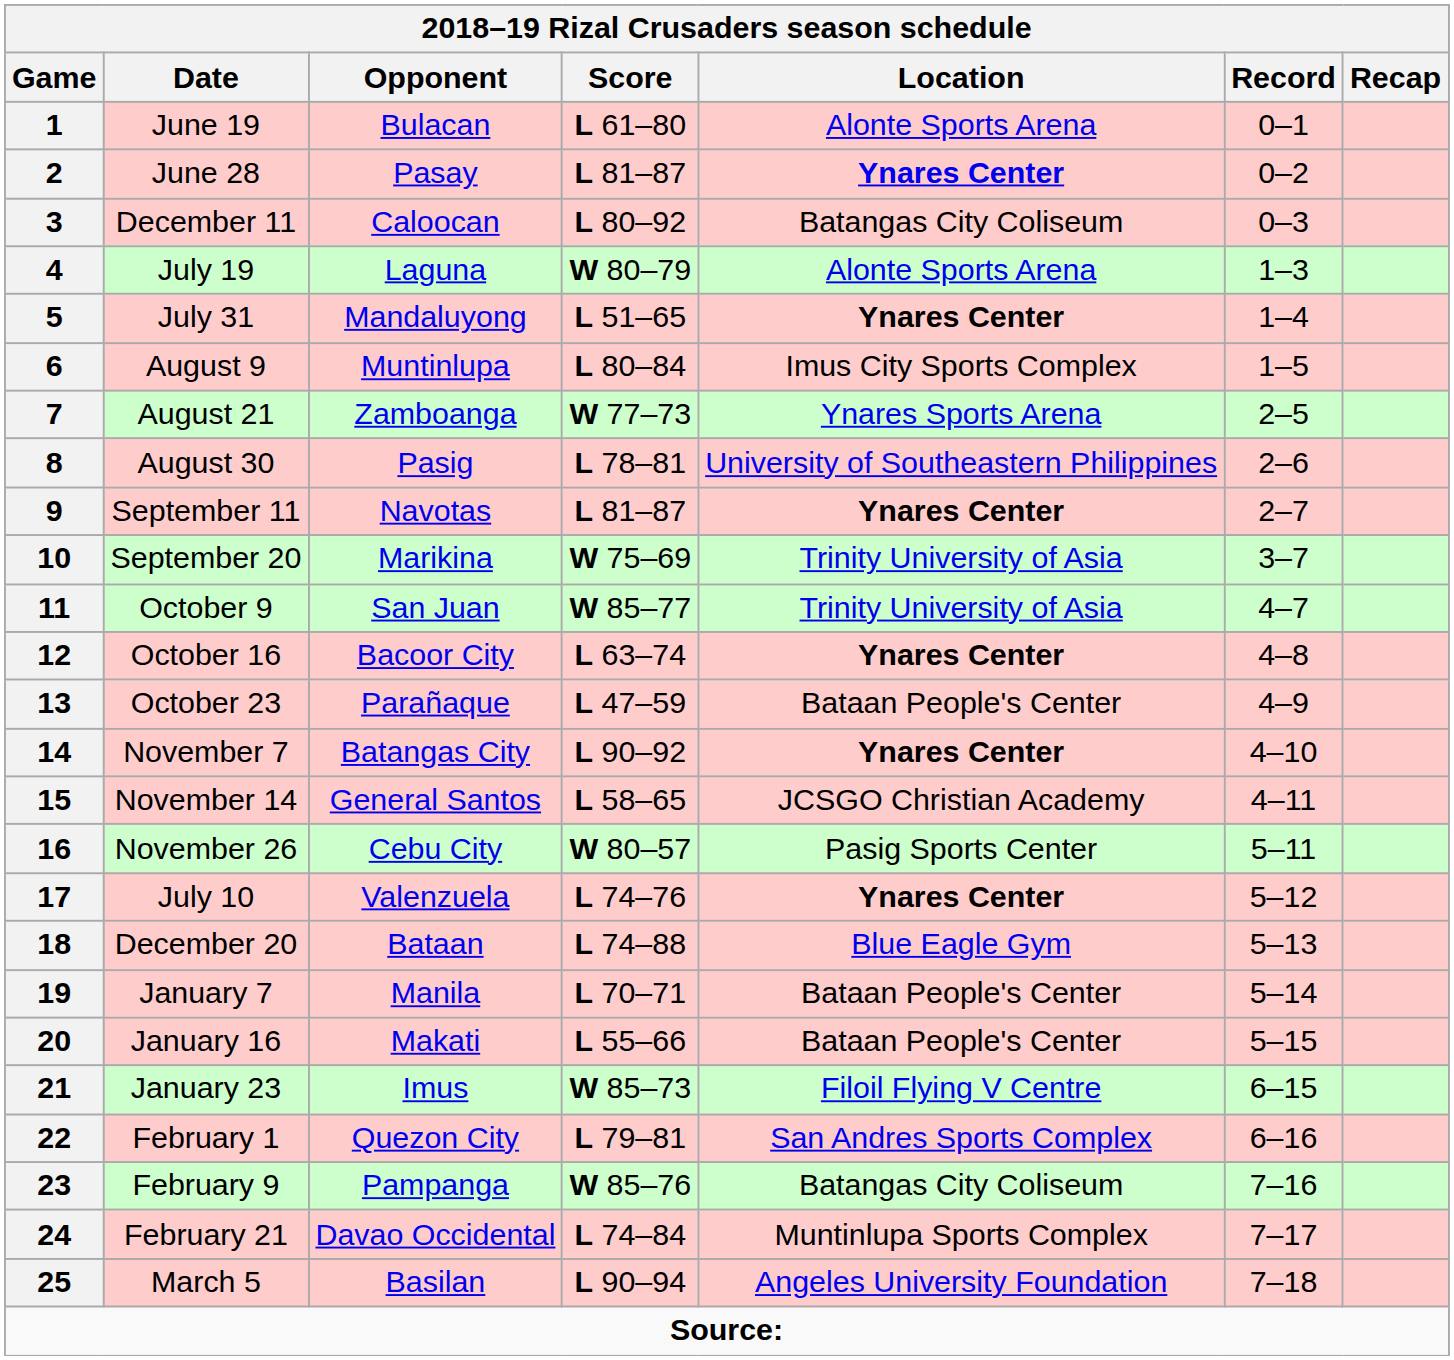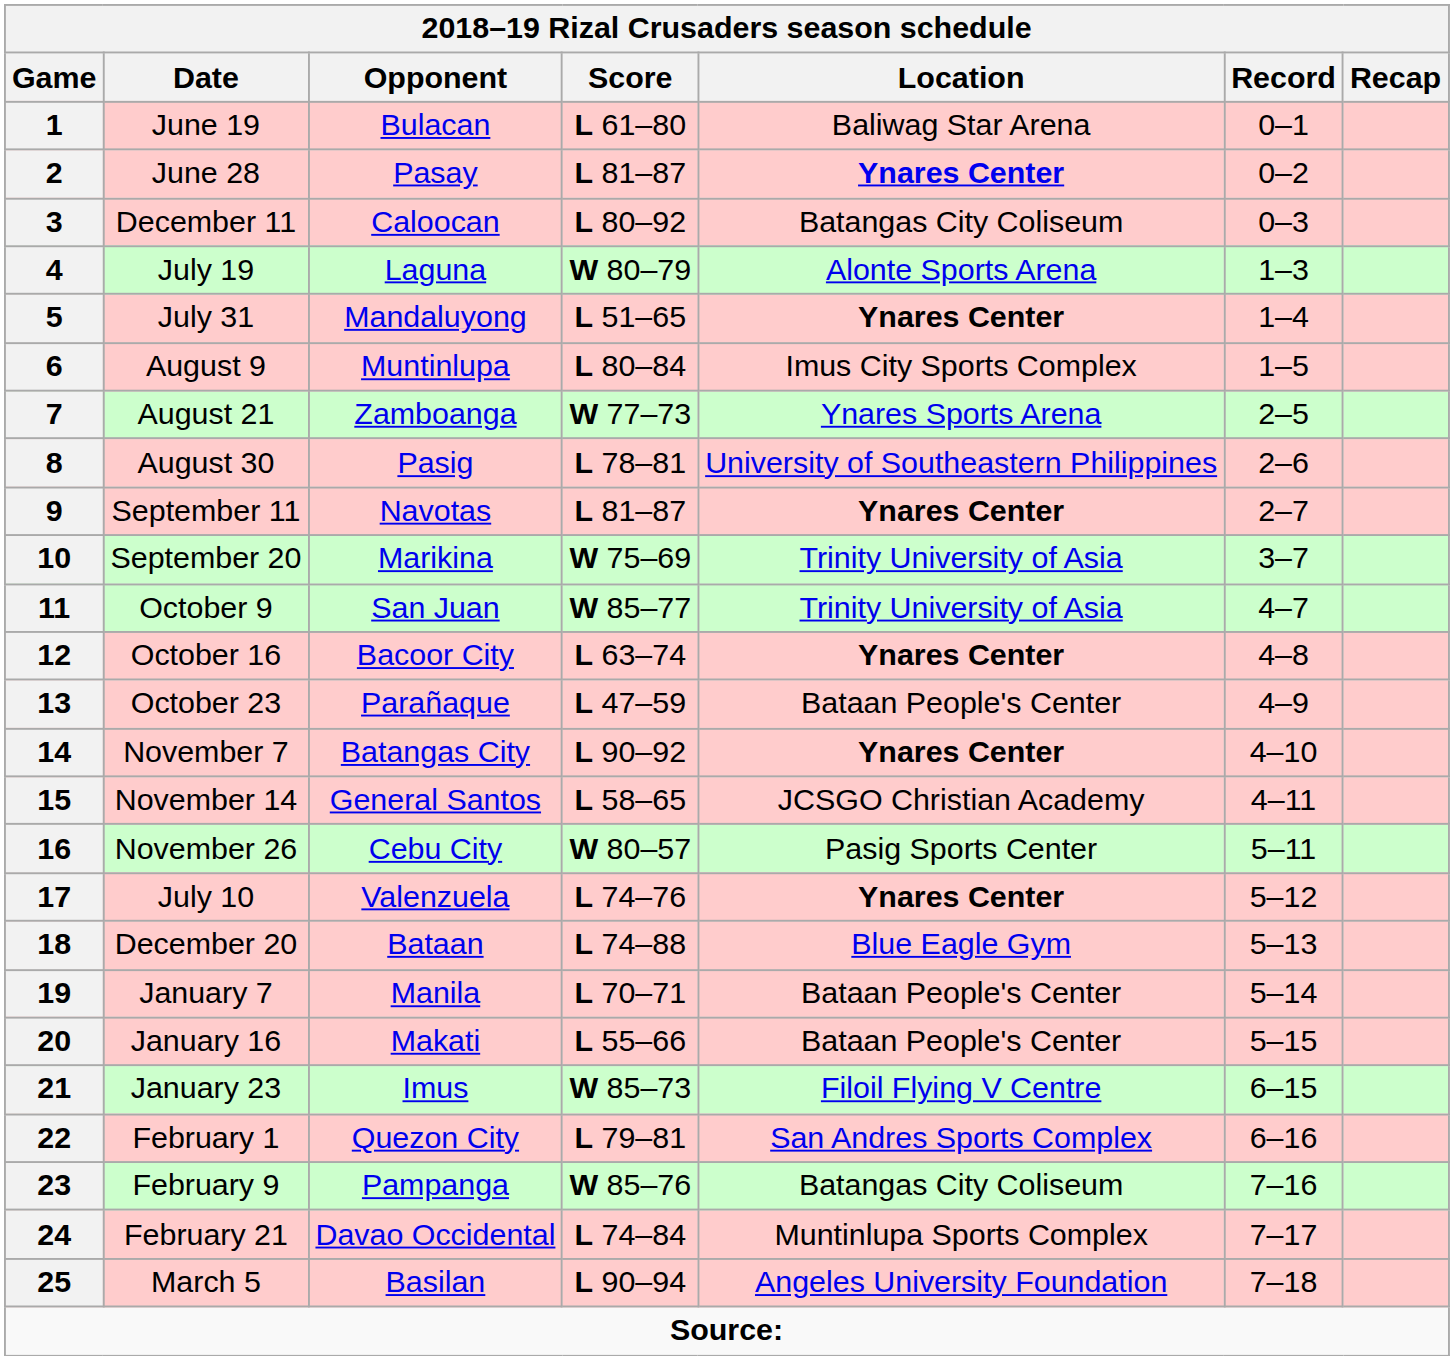 <table class="wikitable" style="text-align:center">
 <tr>
 <th colspan=7>2018–19 Rizal Crusaders season schedule</th>
 </tr>
 <tr>
 <th>Game</th>
 <th>Date</th>
 <th>Opponent</th>
 <th>Score</th>
 <th>Location</th>
 <th>Record</th>
 <th>Recap<br></th>
 </tr>
 <tr style="background:#fcc">
 <th>1</th>
 <td>June 19</td>
 <td><a href='#'>Bulacan</a></td>
 <td><strong>L</strong> 61–80</td>
-<td><a href='#'>Alonte Sports Arena</a></td>
+<td>Baliwag Star Arena</td>
 <td>0–1</td>
 <td></td>
 </tr>
 <tr style="background:#fcc">
 <th>2</th>
 <td>June 28</td>
 <td><a href='#'>Pasay</a></td>
 <td><strong>L</strong> 81–87</td>
 <td><strong><a href='#'>Ynares Center</a></strong></td>
 <td>0–2</td>
 <td></td>
 </tr>
 <tr style="background:#fcc">
 <th>3</th>
 <td>December 11</td>
 <td><a href='#'>Caloocan</a></td>
 <td><strong>L</strong> 80–92</td>
 <td>Batangas City Coliseum</td>
 <td>0–3</td>
 <td></td>
 </tr>
 <tr style="background:#cfc">
 <th>4</th>
 <td>July 19</td>
 <td><a href='#'>Laguna</a></td>
 <td><strong>W</strong> 80–79</td>
 <td><a href='#'>Alonte Sports Arena</a></td>
 <td>1–3</td>
 <td></td>
 </tr>
 <tr style="background:#fcc">
 <th>5</th>
 <td>July 31</td>
 <td><a href='#'>Mandaluyong</a></td>
 <td><strong>L</strong> 51–65</td>
 <td><strong>Ynares Center</strong></td>
 <td>1–4</td>
 <td></td>
 </tr>
 <tr style="background:#fcc">
 <th>6</th>
 <td>August 9</td>
 <td><a href='#'>Muntinlupa</a></td>
 <td><strong>L</strong> 80–84</td>
 <td>Imus City Sports Complex</td>
 <td>1–5</td>
 <td></td>
 </tr>
 <tr style="background:#cfc">
 <th>7</th>
 <td>August 21</td>
 <td><a href='#'>Zamboanga</a></td>
 <td><strong>W</strong> 77–73</td>
 <td><a href='#'>Ynares Sports Arena</a></td>
 <td>2–5</td>
 <td></td>
 </tr>
 <tr style="background:#fcc">
 <th>8</th>
 <td>August 30</td>
 <td><a href='#'>Pasig</a></td>
 <td><strong>L</strong> 78–81</td>
 <td><a href='#'>University of Southeastern Philippines</a></td>
 <td>2–6</td>
 <td></td>
 </tr>
 <tr style="background:#fcc">
 <th>9</th>
 <td>September 11</td>
 <td><a href='#'>Navotas</a></td>
 <td><strong>L</strong> 81–87</td>
 <td><strong>Ynares Center</strong></td>
 <td>2–7</td>
 <td></td>
 </tr>
 <tr style="background:#cfc">
 <th>10</th>
 <td>September 20</td>
 <td><a href='#'>Marikina</a></td>
 <td><strong>W</strong> 75–69</td>
 <td><a href='#'>Trinity University of Asia</a></td>
 <td>3–7</td>
 <td><br></td>
 </tr>
 <tr style="background:#cfc">
 <th>11</th>
 <td>October 9</td>
 <td><a href='#'>San Juan</a></td>
 <td><strong>W</strong> 85–77</td>
 <td><a href='#'>Trinity University of Asia</a></td>
 <td>4–7</td>
 <td></td>
 </tr>
 <tr style="background:#fcc">
 <th>12</th>
 <td>October 16</td>
 <td><a href='#'>Bacoor City</a></td>
 <td><strong>L</strong> 63–74</td>
 <td><strong>Ynares Center</strong></td>
 <td>4–8</td>
 <td></td>
 </tr>
 <tr style="background:#fcc">
 <th>13</th>
 <td>October 23</td>
 <td><a href='#'>Parañaque</a></td>
 <td><strong>L</strong> 47–59</td>
 <td>Bataan People's Center</td>
 <td>4–9</td>
 <td></td>
 </tr>
 <tr style="background:#fcc">
 <th>14</th>
 <td>November 7</td>
 <td><a href='#'>Batangas City</a> </td>
 <td><strong>L</strong> 90–92</td>
 <td><strong>Ynares Center</strong></td>
 <td>4–10</td>
 <td></td>
 </tr>
 <tr style="background:#fcc">
 <th>15</th>
 <td>November 14</td>
 <td><a href='#'>General Santos</a></td>
 <td><strong>L</strong> 58–65</td>
 <td>JCSGO Christian Academy</td>
 <td>4–11</td>
 <td></td>
 </tr>
 <tr style="background:#cfc">
 <th>16</th>
 <td>November 26</td>
 <td><a href='#'>Cebu City</a></td>
 <td><strong>W</strong> 80–57</td>
 <td>Pasig Sports Center</td>
 <td>5–11</td>
 <td></td>
 </tr>
 <tr style="background:#fcc">
 <th>17</th>
 <td>July 10</td>
 <td><a href='#'>Valenzuela</a></td>
 <td><strong>L</strong> 74–76</td>
 <td><strong>Ynares Center</strong></td>
 <td>5–12</td>
 <td></td>
 </tr>
 <tr style="background:#fcc">
 <th>18</th>
 <td>December 20</td>
 <td><a href='#'>Bataan</a></td>
 <td><strong>L</strong> 74–88</td>
 <td><a href='#'>Blue Eagle Gym</a></td>
 <td>5–13</td>
 <td><br></td>
 </tr>
 <tr style="background:#fcc">
 <th>19</th>
 <td>January 7</td>
 <td><a href='#'>Manila</a></td>
 <td><strong>L</strong> 70–71</td>
 <td>Bataan People's Center</td>
 <td>5–14</td>
 <td></td>
 </tr>
 <tr style="background:#fcc">
 <th>20</th>
 <td>January 16</td>
 <td><a href='#'>Makati</a></td>
 <td><strong>L</strong> 55–66</td>
 <td>Bataan People's Center</td>
 <td>5–15</td>
 <td></td>
 </tr>
 <tr style="background:#cfc">
 <th>21</th>
 <td>January 23</td>
 <td><a href='#'>Imus</a></td>
 <td><strong>W</strong> 85–73</td>
 <td><a href='#'>Filoil Flying V Centre</a></td>
 <td>6–15</td>
 <td></td>
 </tr>
 <tr style="background:#fcc">
 <th>22</th>
 <td>February 1</td>
 <td><a href='#'>Quezon City</a></td>
 <td><strong>L</strong> 79–81</td>
 <td><a href='#'>San Andres Sports Complex</a></td>
 <td>6–16</td>
 <td></td>
 </tr>
 <tr style="background:#cfc">
 <th>23</th>
 <td>February 9</td>
 <td><a href='#'>Pampanga</a></td>
 <td><strong>W</strong> 85–76</td>
 <td>Batangas City Coliseum</td>
 <td>7–16</td>
 <td></td>
 </tr>
 <tr style="background:#fcc">
 <th>24</th>
 <td>February 21</td>
 <td><a href='#'>Davao Occidental</a></td>
 <td><strong>L</strong> 74–84</td>
 <td>Muntinlupa Sports Complex</td>
 <td>7–17</td>
 <td></td>
 </tr>
 <tr style="background:#fcc">
 <th>25</th>
 <td>March 5</td>
 <td><a href='#'>Basilan</a></td>
 <td><strong>L</strong> 90–94</td>
 <td><a href='#'>Angeles University Foundation</a></td>
 <td>7–18</td>
 <td></td>
 </tr>
 <tr>
 <td colspan=7 align=center><strong>Source: </strong></td>
 </tr>
 </table>
